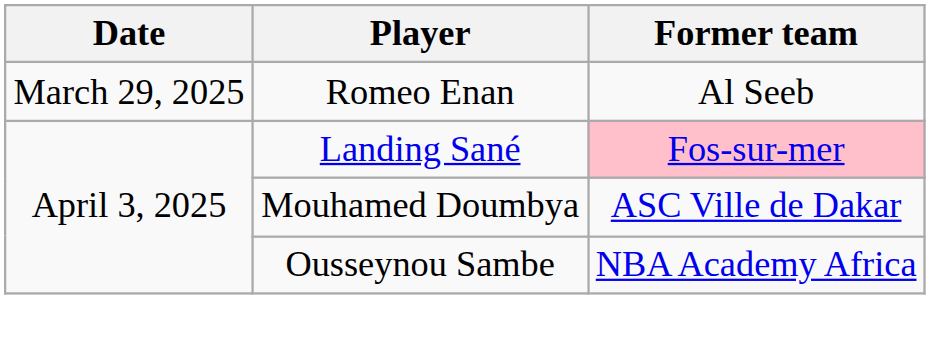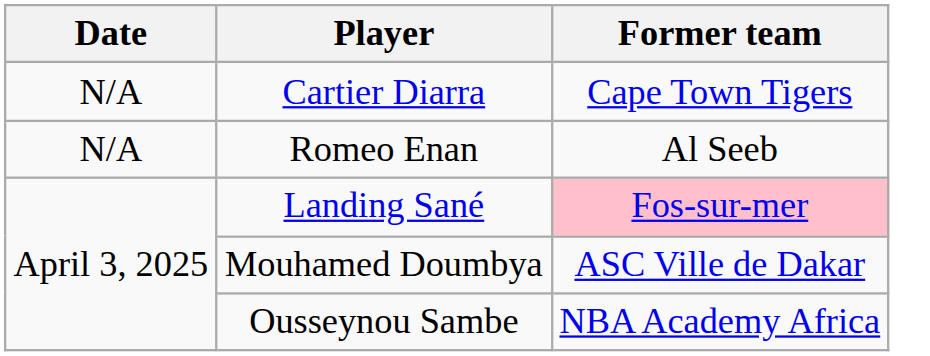 <table class="wikitable" style="text-align: center">
 <tr>
 <th>Date</th>
 <th>Player</th>
 <th>Former team</th>
 </tr>
 <tr>
-<td>March 29, 2025</td>
+<td>N/A</td>
+<td><a href='#'>Cartier Diarra</a></td>
+<td> <a href='#'>Cape Town Tigers</a></td>
+</tr>
+<tr>
+<td>N/A</td>
 <td>Romeo Enan</td>
 <td> Al Seeb</td>
 </tr>
 <tr>
 <td rowspan="3">April 3, 2025</td>
 <td><a href='#'>Landing Sané</a></td>
 <td style="background: pink;"> <a href='#'>Fos-sur-mer</a></td>
 </tr>
 <tr>
 <td>Mouhamed Doumbya</td>
 <td> <a href='#'>ASC Ville de Dakar</a></td>
 </tr>
 <tr>
 <td>Ousseynou Sambe</td>
 <td><a href='#'>NBA Academy Africa</a></td>
 </tr>
 </table>
